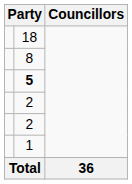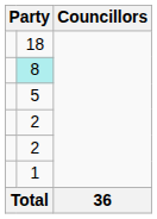 <table class="wikitable">
 <tr>
 <th colspan="2">Party</th>
 <th>Councillors</th>
 </tr>
 <tr>
 <td></td>
 <td align="center">18</td>
 </tr>
 <tr>
 <td></td>
-<td align="center">8</td>
+<td align="center" style="background: paleturquoise;">8</td>
 </tr>
 <tr>
 <td></td>
-<td align="center"><strong>5</strong></td>
+<td align="center">5</td>
 </tr>
 <tr>
 <td></td>
 <td align="center">2</td>
 </tr>
 <tr>
 <td></td>
 <td align="center">2</td>
 </tr>
 <tr>
 <td></td>
 <td align="center">1</td>
 </tr>
 <tr>
 <th colspan="2">Total</th>
 <th align="center">36</th>
 </tr>
 </table>
